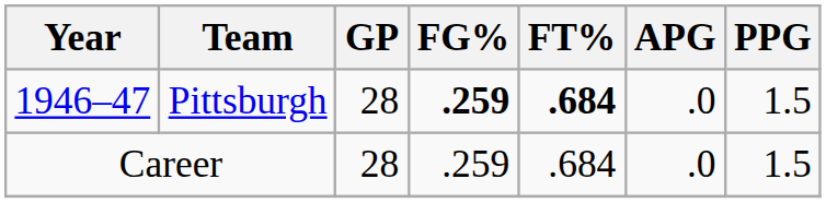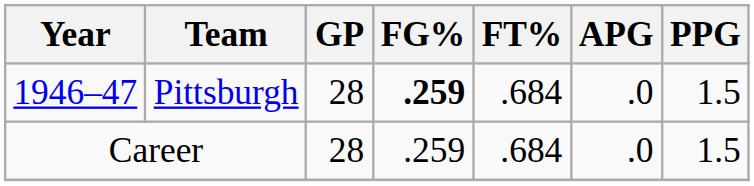 <table class="wikitable sortable" style="font-size:95%; text-align:right;">
 <tr>
 <th>Year</th>
 <th>Team</th>
 <th>GP</th>
 <th>FG%</th>
 <th>FT%</th>
 <th>APG</th>
 <th>PPG</th>
 </tr>
 <tr>
 <td style="text-align:left;"><a href='#'>1946–47</a></td>
 <td style="text-align:left;"><a href='#'>Pittsburgh</a></td>
 <td>28</td>
 <td><strong>.259</strong></td>
-<td><strong>.684</strong></td>
+<td>.684</td>
 <td>.0</td>
 <td>1.5</td>
 </tr>
 <tr>
 <td style="text-align:center;" colspan="2">Career</td>
 <td>28</td>
 <td>.259</td>
 <td>.684</td>
 <td>.0</td>
 <td>1.5</td>
 </tr>
 <tr>
 </tr>
 </table>
